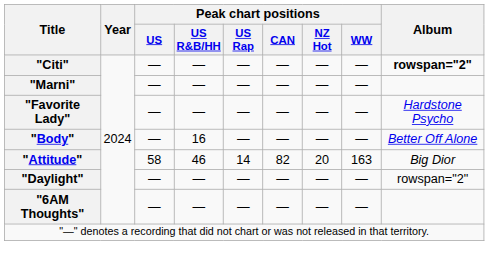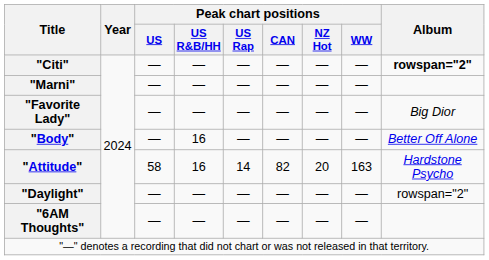 <table class="wikitable plainrowheaders" style="text-align:center;">
 <tr>
 <th rowspan="2">Title</th>
 <th rowspan="2">Year</th>
 <th colspan="6">Peak chart positions</th>
 <th scope="col" rowspan="2">Album</th>
 </tr>
 <tr>
 <th scope="col" style="width:3em;font-size:90%;"><a href='#'>US</a><br></th>
 <th scope="col" style="width:3em;font-size:90%;"><a href='#'>US<br>R&B/HH</a><br></th>
 <th scope="col" style="width:3em;font-size:90%;"><a href='#'>US<br>Rap</a><br></th>
 <th scope="col" style="width:3em;font-size:90%;"><a href='#'>CAN</a><br></th>
 <th scope="col" style="width:3em;font-size:90%;"><a href='#'>NZ<br>Hot</a><br></th>
 <th scope="col" style="width:3em;font-size:90%;"><a href='#'>WW</a><br></th>
 </tr>
 <tr>
 <th scope="row">"Citi"<br></th>
 <td rowspan="7">2024</td>
 <td>—</td>
 <td>—</td>
 <td>—</td>
 <td>—</td>
 <td>—</td>
 <td>—</td>
 <td><strong>rowspan="2" </strong></td>
 </tr>
 <tr>
 <th scope="row">"Marni"<br></th>
 <td>—</td>
 <td>—</td>
 <td>—</td>
 <td>—</td>
 <td>—</td>
 <td>—</td>
 </tr>
 <tr>
 <th scope="row">"Favorite Lady"<br></th>
 <td>—</td>
 <td>—</td>
 <td>—</td>
 <td>—</td>
 <td>—</td>
 <td>—</td>
-<td><em><a href='#'>Hardstone Psycho</a></em></td>
+<td><em>Big Dior</em></td>
 </tr>
 <tr>
 <th scope="row">"<a href='#'>Body</a>"<br></th>
 <td>—</td>
 <td>16</td>
 <td>—</td>
 <td>—</td>
 <td>—</td>
 <td>—</td>
 <td><em><a href='#'>Better Off Alone</a></em></td>
 </tr>
 <tr>
 <th scope="row">"<a href='#'>Attitude</a>"<br></th>
 <td>58</td>
-<td>46</td>
+<td>16</td>
 <td>14</td>
 <td>82</td>
 <td>20</td>
 <td>163</td>
-<td><em>Big Dior</em></td>
+<td><em><a href='#'>Hardstone Psycho</a></em></td>
 </tr>
 <tr>
 <th scope="row">"Daylight"<br></th>
 <td>—</td>
 <td>—</td>
 <td>—</td>
 <td>—</td>
 <td>—</td>
 <td>—</td>
 <td>rowspan="2" </td>
 </tr>
 <tr>
 <th scope="row">"6AM Thoughts"<br></th>
 <td>—</td>
 <td>—</td>
 <td>—</td>
 <td>—</td>
 <td>—</td>
 <td>—</td>
 </tr>
 <tr>
 <td colspan="14" style="font-size:85%">"—" denotes a recording that did not chart or was not released in that territory.</td>
 </tr>
 </table>
